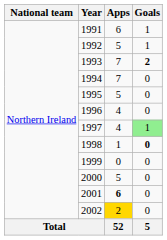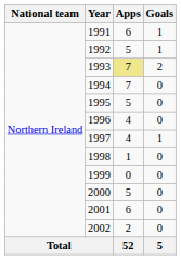 <table class="wikitable" style="text-align: center;">
 <tr>
 <th>National team</th>
 <th>Year</th>
 <th>Apps</th>
 <th>Goals</th>
 </tr>
 <tr>
 <td rowspan="12"><a href='#'>Northern Ireland</a></td>
 <td>1991</td>
 <td>6</td>
 <td>1</td>
 </tr>
 <tr>
 <td>1992</td>
 <td>5</td>
 <td>1</td>
 </tr>
 <tr>
 <td>1993</td>
-<td>7</td>
-<td><strong>2</strong></td>
+<td style="background: khaki;">7</td>
+<td>2</td>
 </tr>
 <tr>
 <td>1994</td>
 <td>7</td>
 <td>0</td>
 </tr>
 <tr>
 <td>1995</td>
 <td>5</td>
 <td>0</td>
 </tr>
 <tr>
 <td>1996</td>
 <td>4</td>
 <td>0</td>
 </tr>
 <tr>
 <td>1997</td>
 <td>4</td>
-<td style="background: lightgreen;">1</td>
+<td>1</td>
 </tr>
 <tr>
 <td>1998</td>
 <td>1</td>
-<td><strong>0</strong></td>
+<td>0</td>
 </tr>
 <tr>
 <td>1999</td>
 <td>0</td>
 <td>0</td>
 </tr>
 <tr>
 <td>2000</td>
 <td>5</td>
 <td>0</td>
 </tr>
 <tr>
 <td>2001</td>
-<td><strong>6</strong></td>
+<td>6</td>
 <td>0</td>
 </tr>
 <tr>
 <td>2002</td>
-<td style="background: gold;">2</td>
+<td>2</td>
 <td>0</td>
 </tr>
 <tr>
 <th colspan="2">Total</th>
 <th>52</th>
 <th>5</th>
 </tr>
 </table>
